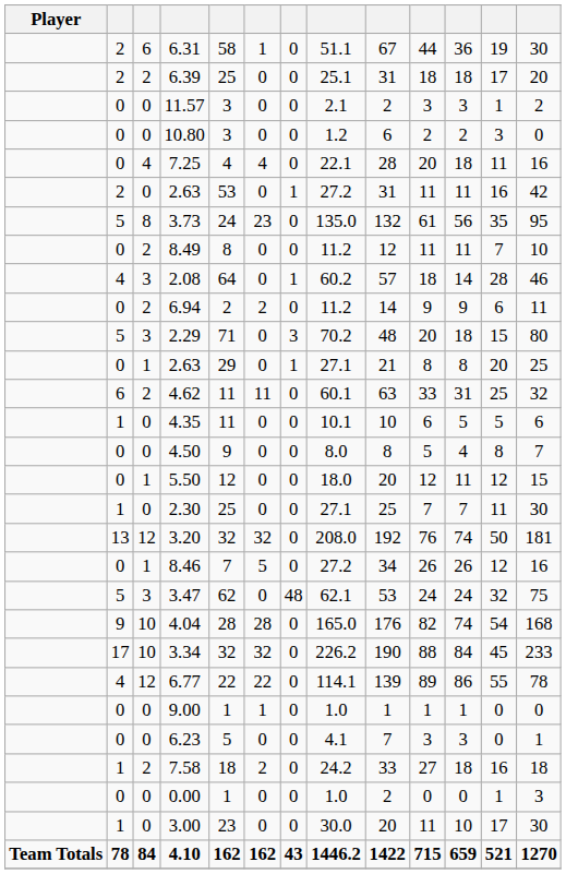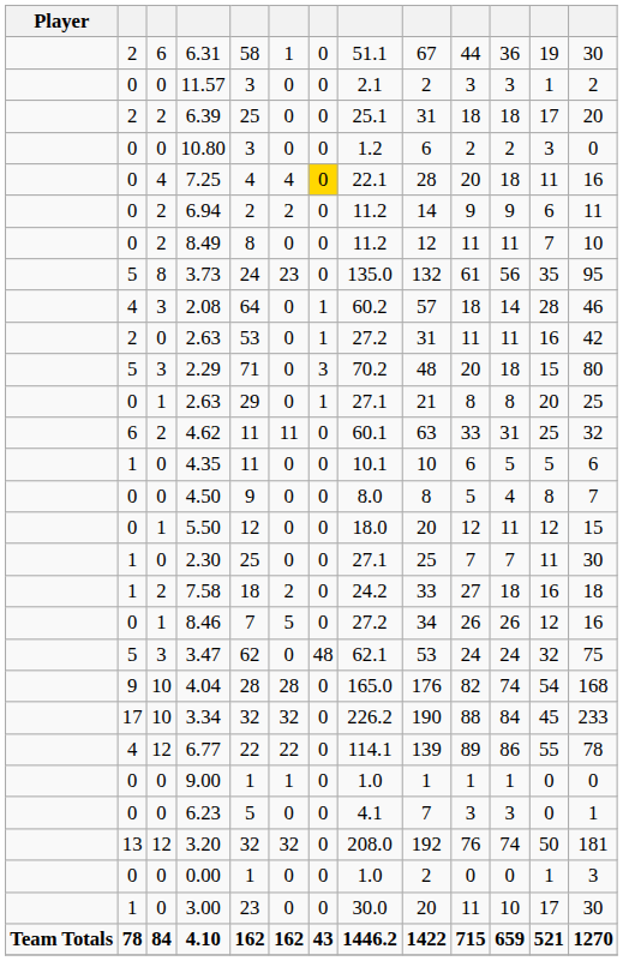 <table class="wikitable sortable" style="text-align:center;">
 <tr>
 <th>Player</th>
 <th></th>
 <th></th>
 <th></th>
 <th></th>
 <th></th>
 <th></th>
 <th></th>
 <th></th>
 <th></th>
 <th></th>
 <th></th>
 <th></th>
 </tr>
 <tr>
 <td align=left></td>
 <td>2</td>
 <td>6</td>
 <td>6.31</td>
 <td>58</td>
 <td>1</td>
 <td>0</td>
 <td>51.1</td>
 <td>67</td>
 <td>44</td>
 <td>36</td>
 <td>19</td>
 <td>30</td>
 </tr>
 <tr>
 <td align=left></td>
+<td>0</td>
+<td>0</td>
+<td>11.57</td>
+<td>3</td>
+<td>0</td>
+<td>0</td>
+<td>2.1</td>
+<td>2</td>
+<td>3</td>
+<td>3</td>
+<td>1</td>
+<td>2</td>
+</tr>
+<tr>
+<td align=left></td>
 <td>2</td>
 <td>2</td>
 <td>6.39</td>
 <td>25</td>
 <td>0</td>
 <td>0</td>
 <td>25.1</td>
 <td>31</td>
 <td>18</td>
 <td>18</td>
 <td>17</td>
 <td>20</td>
-</tr>
-<tr>
-<td align=left></td>
-<td>0</td>
-<td>0</td>
-<td>11.57</td>
-<td>3</td>
-<td>0</td>
-<td>0</td>
-<td>2.1</td>
-<td>2</td>
-<td>3</td>
-<td>3</td>
-<td>1</td>
-<td>2</td>
 </tr>
 <tr>
 <td align=left></td>
 <td>0</td>
 <td>0</td>
 <td>10.80</td>
 <td>3</td>
 <td>0</td>
 <td>0</td>
 <td>1.2</td>
 <td>6</td>
 <td>2</td>
 <td>2</td>
 <td>3</td>
 <td>0</td>
 </tr>
 <tr>
 <td align=left></td>
 <td>0</td>
 <td>4</td>
 <td>7.25</td>
 <td>4</td>
 <td>4</td>
-<td>0</td>
+<td style="background: gold;">0</td>
 <td>22.1</td>
 <td>28</td>
 <td>20</td>
 <td>18</td>
 <td>11</td>
 <td>16</td>
 </tr>
 <tr>
 <td align=left></td>
+<td>0</td>
+<td>2</td>
+<td>6.94</td>
+<td>2</td>
 <td>2</td>
 <td>0</td>
-<td>2.63</td>
-<td>53</td>
+<td>11.2</td>
+<td>14</td>
+<td>9</td>
+<td>9</td>
+<td>6</td>
+<td>11</td>
+</tr>
+<tr>
+<td align=left></td>
 <td>0</td>
-<td>1</td>
-<td>27.2</td>
-<td>31</td>
+<td>2</td>
+<td>8.49</td>
+<td>8</td>
+<td>0</td>
+<td>0</td>
+<td>11.2</td>
+<td>12</td>
 <td>11</td>
 <td>11</td>
-<td>16</td>
-<td>42</td>
+<td>7</td>
+<td>10</td>
 </tr>
 <tr>
 <td align=left></td>
 <td>5</td>
 <td>8</td>
 <td>3.73</td>
 <td>24</td>
 <td>23</td>
 <td>0</td>
 <td>135.0</td>
 <td>132</td>
 <td>61</td>
 <td>56</td>
 <td>35</td>
 <td>95</td>
 </tr>
 <tr>
 <td align=left></td>
-<td>0</td>
-<td>2</td>
-<td>8.49</td>
-<td>8</td>
-<td>0</td>
-<td>0</td>
-<td>11.2</td>
-<td>12</td>
-<td>11</td>
-<td>11</td>
-<td>7</td>
-<td>10</td>
-</tr>
-<tr>
-<td align=left></td>
 <td>4</td>
 <td>3</td>
 <td>2.08</td>
 <td>64</td>
 <td>0</td>
 <td>1</td>
 <td>60.2</td>
 <td>57</td>
 <td>18</td>
 <td>14</td>
 <td>28</td>
 <td>46</td>
 </tr>
 <tr>
 <td align=left></td>
-<td>0</td>
-<td>2</td>
-<td>6.94</td>
-<td>2</td>
 <td>2</td>
 <td>0</td>
-<td>11.2</td>
-<td>14</td>
-<td>9</td>
-<td>9</td>
-<td>6</td>
+<td>2.63</td>
+<td>53</td>
+<td>0</td>
+<td>1</td>
+<td>27.2</td>
+<td>31</td>
 <td>11</td>
+<td>11</td>
+<td>16</td>
+<td>42</td>
 </tr>
 <tr>
 <td align=left></td>
 <td>5</td>
 <td>3</td>
 <td>2.29</td>
 <td>71</td>
 <td>0</td>
 <td>3</td>
 <td>70.2</td>
 <td>48</td>
 <td>20</td>
 <td>18</td>
 <td>15</td>
 <td>80</td>
 </tr>
 <tr>
 <td align=left></td>
 <td>0</td>
 <td>1</td>
 <td>2.63</td>
 <td>29</td>
 <td>0</td>
 <td>1</td>
 <td>27.1</td>
 <td>21</td>
 <td>8</td>
 <td>8</td>
 <td>20</td>
 <td>25</td>
 </tr>
 <tr>
 <td align=left></td>
 <td>6</td>
 <td>2</td>
 <td>4.62</td>
 <td>11</td>
 <td>11</td>
 <td>0</td>
 <td>60.1</td>
 <td>63</td>
 <td>33</td>
 <td>31</td>
 <td>25</td>
 <td>32</td>
 </tr>
 <tr>
 <td align=left></td>
 <td>1</td>
 <td>0</td>
 <td>4.35</td>
 <td>11</td>
 <td>0</td>
 <td>0</td>
 <td>10.1</td>
 <td>10</td>
 <td>6</td>
 <td>5</td>
 <td>5</td>
 <td>6</td>
 </tr>
 <tr>
 <td align=left></td>
 <td>0</td>
 <td>0</td>
 <td>4.50</td>
 <td>9</td>
 <td>0</td>
 <td>0</td>
 <td>8.0</td>
 <td>8</td>
 <td>5</td>
 <td>4</td>
 <td>8</td>
 <td>7</td>
 </tr>
 <tr>
 <td align=left></td>
 <td>0</td>
 <td>1</td>
 <td>5.50</td>
 <td>12</td>
 <td>0</td>
 <td>0</td>
 <td>18.0</td>
 <td>20</td>
 <td>12</td>
 <td>11</td>
 <td>12</td>
 <td>15</td>
 </tr>
 <tr>
 <td align=left></td>
 <td>1</td>
 <td>0</td>
 <td>2.30</td>
 <td>25</td>
 <td>0</td>
 <td>0</td>
 <td>27.1</td>
 <td>25</td>
 <td>7</td>
 <td>7</td>
 <td>11</td>
 <td>30</td>
 </tr>
 <tr>
 <td align=left></td>
-<td>13</td>
-<td>12</td>
-<td>3.20</td>
-<td>32</td>
-<td>32</td>
+<td>1</td>
+<td>2</td>
+<td>7.58</td>
+<td>18</td>
+<td>2</td>
 <td>0</td>
-<td>208.0</td>
-<td>192</td>
-<td>76</td>
-<td>74</td>
-<td>50</td>
-<td>181</td>
+<td>24.2</td>
+<td>33</td>
+<td>27</td>
+<td>18</td>
+<td>16</td>
+<td>18</td>
 </tr>
 <tr>
 <td align=left></td>
 <td>0</td>
 <td>1</td>
 <td>8.46</td>
 <td>7</td>
 <td>5</td>
 <td>0</td>
 <td>27.2</td>
 <td>34</td>
 <td>26</td>
 <td>26</td>
 <td>12</td>
 <td>16</td>
 </tr>
 <tr>
 <td align=left></td>
 <td>5</td>
 <td>3</td>
 <td>3.47</td>
 <td>62</td>
 <td>0</td>
 <td>48</td>
 <td>62.1</td>
 <td>53</td>
 <td>24</td>
 <td>24</td>
 <td>32</td>
 <td>75</td>
 </tr>
 <tr>
 <td align=left></td>
 <td>9</td>
 <td>10</td>
 <td>4.04</td>
 <td>28</td>
 <td>28</td>
 <td>0</td>
 <td>165.0</td>
 <td>176</td>
 <td>82</td>
 <td>74</td>
 <td>54</td>
 <td>168</td>
 </tr>
 <tr>
 <td align=left></td>
 <td>17</td>
 <td>10</td>
 <td>3.34</td>
 <td>32</td>
 <td>32</td>
 <td>0</td>
 <td>226.2</td>
 <td>190</td>
 <td>88</td>
 <td>84</td>
 <td>45</td>
 <td>233</td>
 </tr>
 <tr>
 <td align=left></td>
 <td>4</td>
 <td>12</td>
 <td>6.77</td>
 <td>22</td>
 <td>22</td>
 <td>0</td>
 <td>114.1</td>
 <td>139</td>
 <td>89</td>
 <td>86</td>
 <td>55</td>
 <td>78</td>
 </tr>
 <tr>
 <td align=left></td>
 <td>0</td>
 <td>0</td>
 <td>9.00</td>
 <td>1</td>
 <td>1</td>
 <td>0</td>
 <td>1.0</td>
 <td>1</td>
 <td>1</td>
 <td>1</td>
 <td>0</td>
 <td>0</td>
 </tr>
 <tr>
 <td align=left></td>
 <td>0</td>
 <td>0</td>
 <td>6.23</td>
 <td>5</td>
 <td>0</td>
 <td>0</td>
 <td>4.1</td>
 <td>7</td>
 <td>3</td>
 <td>3</td>
 <td>0</td>
 <td>1</td>
 </tr>
 <tr>
 <td align=left></td>
-<td>1</td>
-<td>2</td>
-<td>7.58</td>
-<td>18</td>
-<td>2</td>
+<td>13</td>
+<td>12</td>
+<td>3.20</td>
+<td>32</td>
+<td>32</td>
 <td>0</td>
-<td>24.2</td>
-<td>33</td>
-<td>27</td>
-<td>18</td>
-<td>16</td>
-<td>18</td>
+<td>208.0</td>
+<td>192</td>
+<td>76</td>
+<td>74</td>
+<td>50</td>
+<td>181</td>
 </tr>
 <tr>
 <td align=left></td>
 <td>0</td>
 <td>0</td>
 <td>0.00</td>
 <td>1</td>
 <td>0</td>
 <td>0</td>
 <td>1.0</td>
 <td>2</td>
 <td>0</td>
 <td>0</td>
 <td>1</td>
 <td>3</td>
 </tr>
 <tr>
 <td align=left></td>
 <td>1</td>
 <td>0</td>
 <td>3.00</td>
 <td>23</td>
 <td>0</td>
 <td>0</td>
 <td>30.0</td>
 <td>20</td>
 <td>11</td>
 <td>10</td>
 <td>17</td>
 <td>30</td>
 </tr>
 <tr>
 <td align=left><strong>Team Totals</strong></td>
 <td><strong>78</strong></td>
 <td><strong>84</strong></td>
 <td><strong>4.10</strong></td>
 <td><strong>162</strong></td>
 <td><strong>162</strong></td>
 <td><strong>43</strong></td>
 <td><strong>1446.2</strong></td>
 <td><strong>1422</strong></td>
 <td><strong>715</strong></td>
 <td><strong>659</strong></td>
 <td><strong>521</strong></td>
 <td><strong>1270</strong></td>
 </tr>
 <tr class="sortbottom|}">
 </tr>
 </table>
